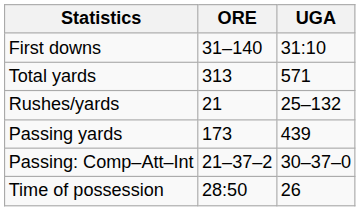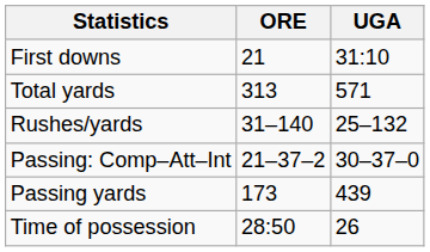 <table class="wikitable" style="float: left;">
 <tr>
 <th>Statistics</th>
 <th>ORE</th>
 <th>UGA</th>
 </tr>
 <tr>
 <td>First downs</td>
-<td>31–140</td>
+<td>21</td>
 <td>31:10</td>
 </tr>
 <tr>
 <td>Total yards</td>
 <td>313</td>
 <td>571</td>
 </tr>
 <tr>
 <td>Rushes/yards</td>
-<td>21</td>
+<td>31–140</td>
 <td>25–132</td>
+</tr>
+<tr>
+<td>Passing: Comp–Att–Int</td>
+<td>21–37–2</td>
+<td>30–37–0</td>
 </tr>
 <tr>
 <td>Passing yards</td>
 <td>173</td>
 <td>439</td>
 </tr>
 <tr>
-<td>Passing: Comp–Att–Int</td>
-<td>21–37–2</td>
-<td>30–37–0</td>
-</tr>
-<tr>
 <td>Time of possession</td>
 <td>28:50</td>
 <td>26</td>
 </tr>
 </table>
